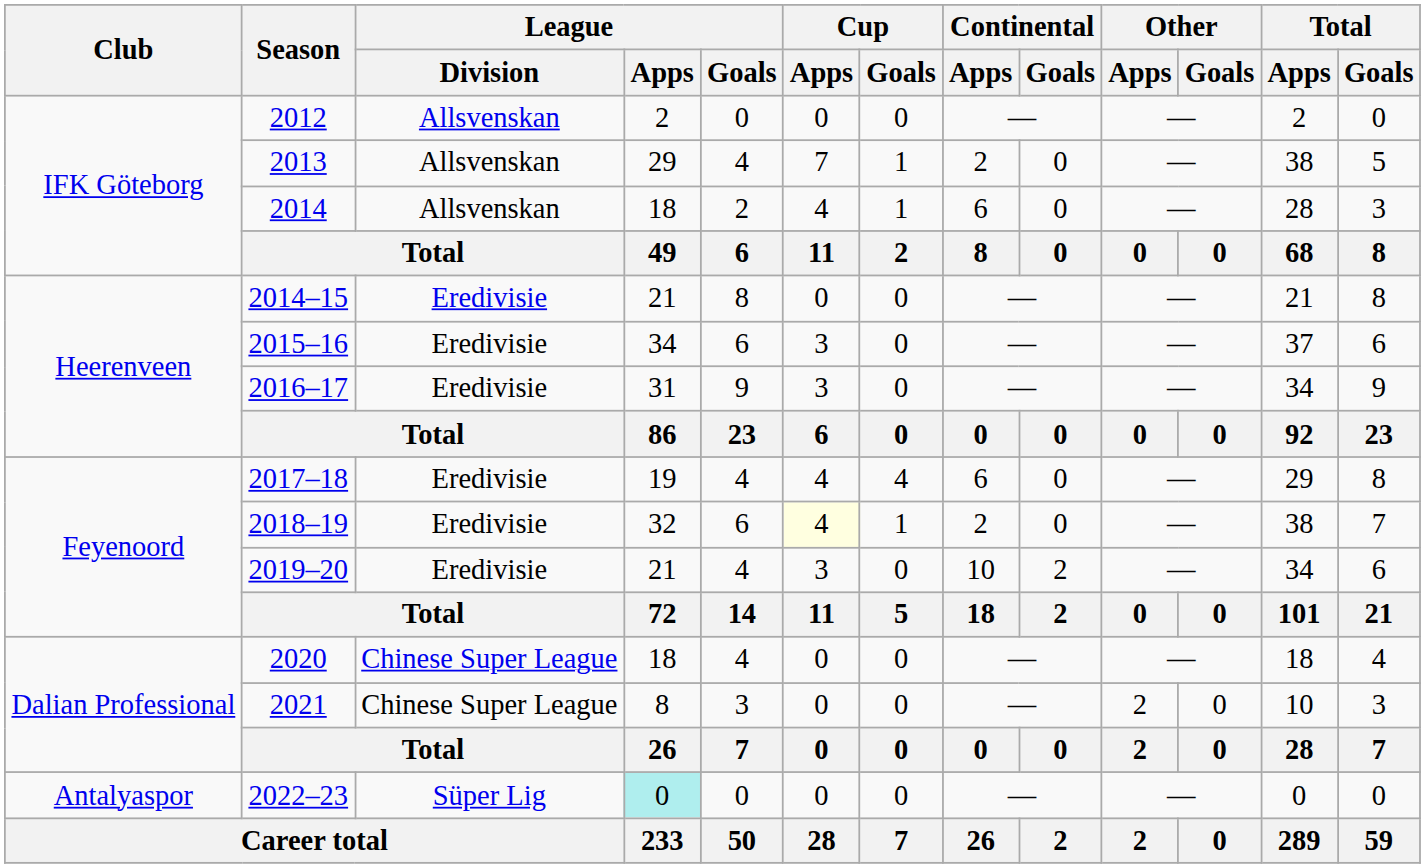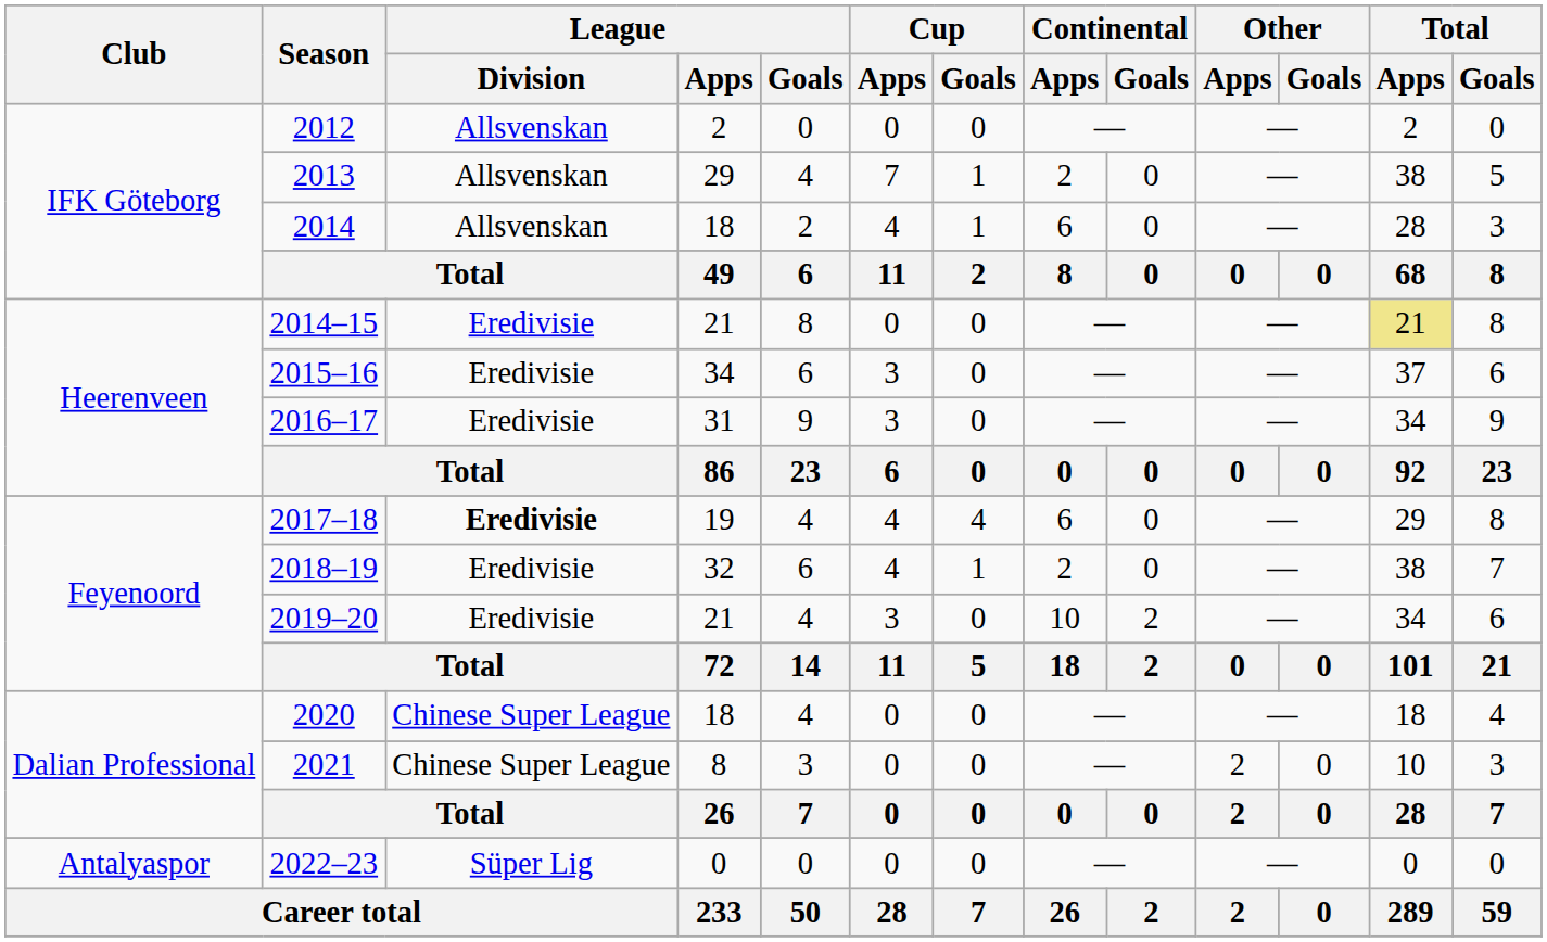 <table class="wikitable" style="text-align:center">
 <tr>
 <th rowspan="2">Club</th>
 <th rowspan="2">Season</th>
 <th colspan="3">League</th>
 <th colspan="2">Cup</th>
 <th colspan="2">Continental</th>
 <th colspan="2">Other</th>
 <th colspan="2">Total</th>
 </tr>
 <tr>
 <th>Division</th>
 <th>Apps</th>
 <th>Goals</th>
 <th>Apps</th>
 <th>Goals</th>
 <th>Apps</th>
 <th>Goals</th>
 <th>Apps</th>
 <th>Goals</th>
 <th>Apps</th>
 <th>Goals</th>
 </tr>
 <tr>
 <td rowspan="4"><a href='#'>IFK Göteborg</a></td>
 <td><a href='#'>2012</a></td>
 <td><a href='#'>Allsvenskan</a></td>
 <td>2</td>
 <td>0</td>
 <td>0</td>
 <td>0</td>
 <td colspan="2">—</td>
 <td colspan="2">—</td>
 <td>2</td>
 <td>0</td>
 </tr>
 <tr>
 <td><a href='#'>2013</a></td>
 <td>Allsvenskan</td>
 <td>29</td>
 <td>4</td>
 <td>7</td>
 <td>1</td>
 <td>2</td>
 <td>0</td>
 <td colspan="2">—</td>
 <td>38</td>
 <td>5</td>
 </tr>
 <tr>
 <td><a href='#'>2014</a></td>
 <td>Allsvenskan</td>
 <td>18</td>
 <td>2</td>
 <td>4</td>
 <td>1</td>
 <td>6</td>
 <td>0</td>
 <td colspan="2">—</td>
 <td>28</td>
 <td>3</td>
 </tr>
 <tr>
 <th colspan="2">Total</th>
 <th>49</th>
 <th>6</th>
 <th>11</th>
 <th>2</th>
 <th>8</th>
 <th>0</th>
 <th>0</th>
 <th>0</th>
 <th>68</th>
 <th>8</th>
 </tr>
 <tr>
 <td rowspan="4"><a href='#'>Heerenveen</a></td>
 <td><a href='#'>2014–15</a></td>
 <td><a href='#'>Eredivisie</a></td>
 <td>21</td>
 <td>8</td>
 <td>0</td>
 <td>0</td>
 <td colspan="2">—</td>
 <td colspan="2">—</td>
-<td>21</td>
+<td style="background: khaki;">21</td>
 <td>8</td>
 </tr>
 <tr>
 <td><a href='#'>2015–16</a></td>
 <td>Eredivisie</td>
 <td>34</td>
 <td>6</td>
 <td>3</td>
 <td>0</td>
 <td colspan="2">—</td>
 <td colspan="2">—</td>
 <td>37</td>
 <td>6</td>
 </tr>
 <tr>
 <td><a href='#'>2016–17</a></td>
 <td>Eredivisie</td>
 <td>31</td>
 <td>9</td>
 <td>3</td>
 <td>0</td>
 <td colspan="2">—</td>
 <td colspan="2">—</td>
 <td>34</td>
 <td>9</td>
 </tr>
 <tr>
 <th colspan="2">Total</th>
 <th>86</th>
 <th>23</th>
 <th>6</th>
 <th>0</th>
 <th>0</th>
 <th>0</th>
 <th>0</th>
 <th>0</th>
 <th>92</th>
 <th>23</th>
 </tr>
 <tr>
 <td rowspan="4"><a href='#'>Feyenoord</a></td>
 <td><a href='#'>2017–18</a></td>
-<td>Eredivisie</td>
+<td><strong>Eredivisie</strong></td>
 <td>19</td>
 <td>4</td>
 <td>4</td>
 <td>4</td>
 <td>6</td>
 <td>0</td>
 <td colspan="2">—</td>
 <td>29</td>
 <td>8</td>
 </tr>
 <tr>
 <td><a href='#'>2018–19</a></td>
 <td>Eredivisie</td>
 <td>32</td>
 <td>6</td>
-<td style="background: lightyellow;">4</td>
+<td>4</td>
 <td>1</td>
 <td>2</td>
 <td>0</td>
 <td colspan="2">—</td>
 <td>38</td>
 <td>7</td>
 </tr>
 <tr>
 <td><a href='#'>2019–20</a></td>
 <td>Eredivisie</td>
 <td>21</td>
 <td>4</td>
 <td>3</td>
 <td>0</td>
 <td>10</td>
 <td>2</td>
 <td colspan="2">—</td>
 <td>34</td>
 <td>6</td>
 </tr>
 <tr>
 <th colspan="2">Total</th>
 <th>72</th>
 <th>14</th>
 <th>11</th>
 <th>5</th>
 <th>18</th>
 <th>2</th>
 <th>0</th>
 <th>0</th>
 <th>101</th>
 <th>21</th>
 </tr>
 <tr>
 <td rowspan="3"><a href='#'>Dalian Professional</a></td>
 <td><a href='#'>2020</a></td>
 <td><a href='#'>Chinese Super League</a></td>
 <td>18</td>
 <td>4</td>
 <td>0</td>
 <td>0</td>
 <td colspan="2">—</td>
 <td colspan="2">—</td>
 <td>18</td>
 <td>4</td>
 </tr>
 <tr>
 <td><a href='#'>2021</a></td>
 <td>Chinese Super League</td>
 <td>8</td>
 <td>3</td>
 <td>0</td>
 <td>0</td>
 <td colspan="2">—</td>
 <td>2</td>
 <td>0</td>
 <td>10</td>
 <td>3</td>
 </tr>
 <tr>
 <th colspan="2">Total</th>
 <th>26</th>
 <th>7</th>
 <th>0</th>
 <th>0</th>
 <th>0</th>
 <th>0</th>
 <th>2</th>
 <th>0</th>
 <th>28</th>
 <th>7</th>
 </tr>
 <tr>
 <td><a href='#'>Antalyaspor</a></td>
 <td><a href='#'>2022–23</a></td>
 <td><a href='#'>Süper Lig</a></td>
-<td style="background: paleturquoise;">0</td>
+<td>0</td>
 <td>0</td>
 <td>0</td>
 <td>0</td>
 <td colspan="2">—</td>
 <td colspan="2">—</td>
 <td>0</td>
 <td>0</td>
 </tr>
 <tr>
 <th colspan="3">Career total</th>
 <th>233</th>
 <th>50</th>
 <th>28</th>
 <th>7</th>
 <th>26</th>
 <th>2</th>
 <th>2</th>
 <th>0</th>
 <th>289</th>
 <th>59</th>
 </tr>
 </table>
